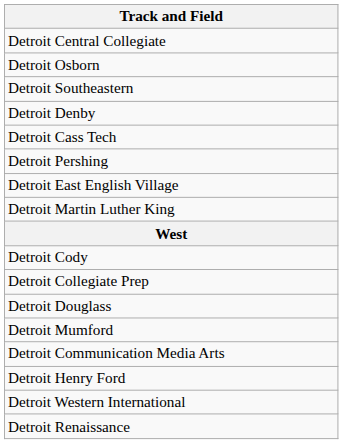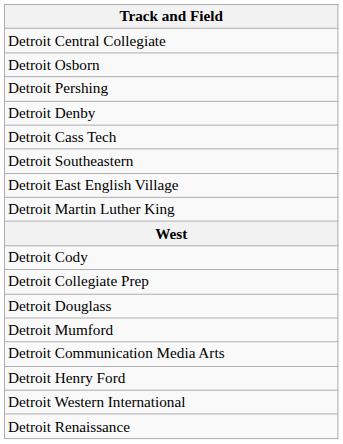 <table class="wikitable collapsible collapsed" style="width:22em">
 <tr>
 <th align=center>Track and Field</th>
 </tr>
 <tr>
 <td>Detroit Central Collegiate</td>
 </tr>
 <tr>
 <td>Detroit Osborn</td>
 </tr>
 <tr>
-<td>Detroit Southeastern</td>
+<td>Detroit Pershing</td>
 </tr>
 <tr>
 <td>Detroit Denby</td>
 </tr>
 <tr>
 <td>Detroit Cass Tech</td>
 </tr>
 <tr>
-<td>Detroit Pershing</td>
+<td>Detroit Southeastern</td>
 </tr>
 <tr>
 <td>Detroit East English Village</td>
 </tr>
 <tr>
 <td>Detroit Martin Luther King</td>
 </tr>
 <tr>
 <th>West</th>
 </tr>
 <tr>
 <td>Detroit Cody</td>
 </tr>
 <tr>
 <td>Detroit Collegiate Prep</td>
 </tr>
 <tr>
 <td>Detroit Douglass</td>
 </tr>
 <tr>
 <td>Detroit Mumford</td>
 </tr>
 <tr>
 <td>Detroit Communication Media Arts</td>
 </tr>
 <tr>
 <td>Detroit Henry Ford</td>
 </tr>
 <tr>
 <td>Detroit Western International</td>
 </tr>
 <tr>
 <td>Detroit Renaissance</td>
 </tr>
 </table>
